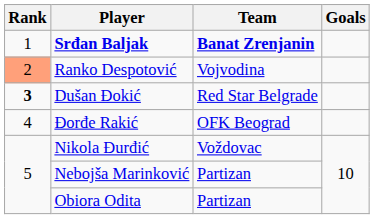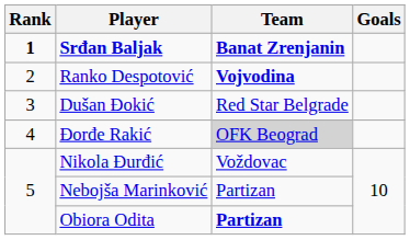 <table class="wikitable">
 <tr>
 <th>Rank</th>
 <th>Player</th>
 <th>Team</th>
 <th>Goals</th>
 </tr>
 <tr>
-<td rowspan=1 align=center>1</td>
+<td rowspan=1 align=center><strong>1</strong></td>
 <td> <strong><a href='#'>Srđan Baljak</a></strong></td>
 <td><strong><a href='#'>Banat Zrenjanin</a></strong></td>
 <td></td>
 </tr>
 <tr>
-<td rowspan=1 align=center style="background: lightsalmon;">2</td>
+<td rowspan=1 align=center>2</td>
 <td> <a href='#'>Ranko Despotović</a></td>
-<td><a href='#'>Vojvodina</a></td>
+<td><strong><a href='#'>Vojvodina</a></strong></td>
 <td></td>
 </tr>
 <tr>
-<td rowspan=1 align=center><strong>3</strong></td>
+<td rowspan=1 align=center>3</td>
 <td> <a href='#'>Dušan Đokić</a></td>
 <td><a href='#'>Red Star Belgrade</a></td>
 <td></td>
 </tr>
 <tr>
 <td rowspan=1 align=center>4</td>
 <td> <a href='#'>Đorđe Rakić</a></td>
-<td><a href='#'>OFK Beograd</a></td>
+<td style="background: lightgrey;"><a href='#'>OFK Beograd</a></td>
 <td></td>
 </tr>
 <tr>
 <td rowspan=3 align=center>5</td>
 <td> <a href='#'>Nikola Đurđić</a></td>
 <td><a href='#'>Voždovac</a></td>
 <td rowspan=3 align=center>10</td>
 </tr>
 <tr>
 <td> <a href='#'>Nebojša Marinković</a></td>
 <td><a href='#'>Partizan</a></td>
 </tr>
 <tr>
 <td> <a href='#'>Obiora Odita</a></td>
-<td><a href='#'>Partizan</a></td>
+<td><strong><a href='#'>Partizan</a></strong></td>
 </tr>
 </table>
